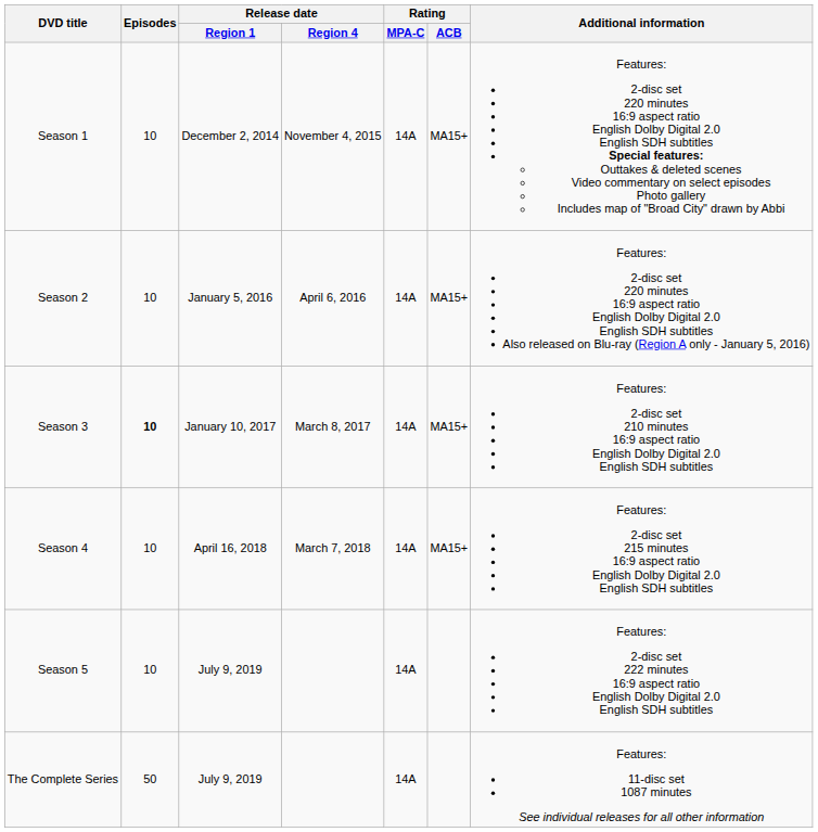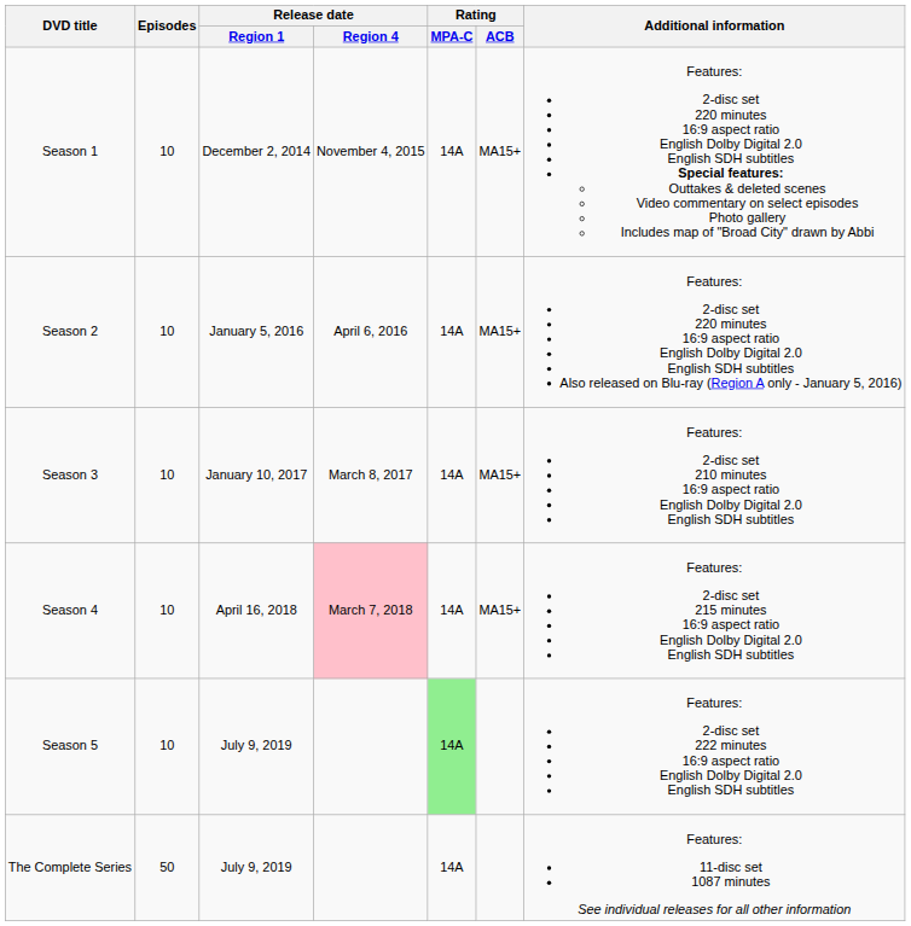 <table class="wikitable" style="text-align:center;">
 <tr>
 <th scope="col" rowspan="2">DVD title</th>
 <th scope="row" rowspan="2">Episodes</th>
 <th scope="row" colspan="2">Release date</th>
 <th scope="row" colspan="2">Rating</th>
 <th scope="row" rowspan="2">Additional information</th>
 </tr>
 <tr>
 <th scope="row"><a href='#'>Region 1</a></th>
 <th scope="row"><a href='#'>Region 4</a></th>
 <th scope="row"><a href='#'>MPA-C</a></th>
 <th scope="row"><a href='#'>ACB</a></th>
 </tr>
 <tr>
 <td scope="row">Season 1</td>
 <td>10</td>
 <td>December 2, 2014</td>
 <td>November 4, 2015</td>
 <td>14A</td>
 <td>MA15+</td>
 <td><br>Features:<ul><li>2-disc set</li><li>220 minutes</li><li>16:9 aspect ratio</li><li>English Dolby Digital 2.0</li><li>English SDH subtitles</li><li><strong>Special features:</strong><ul><li>Outtakes & deleted scenes</li><li>Video commentary on select episodes</li><li>Photo gallery</li><li>Includes map of "Broad City" drawn by Abbi</li></ul></li></ul></td>
 </tr>
 <tr>
 <td scope="row">Season 2</td>
 <td>10</td>
 <td>January 5, 2016</td>
 <td>April 6, 2016</td>
 <td>14A</td>
 <td>MA15+</td>
 <td><br>Features:<ul><li>2-disc set</li><li>220 minutes</li><li>16:9 aspect ratio</li><li>English Dolby Digital 2.0</li><li>English SDH subtitles</li><li>Also released on Blu-ray (<a href='#'>Region A</a> only - January 5, 2016)</li></ul></td>
 </tr>
 <tr>
 <td scope="row">Season 3</td>
-<td><strong>10</strong></td>
+<td>10</td>
 <td>January 10, 2017</td>
 <td>March 8, 2017</td>
 <td>14A</td>
 <td>MA15+</td>
 <td><br>Features:<ul><li>2-disc set</li><li>210 minutes</li><li>16:9 aspect ratio</li><li>English Dolby Digital 2.0</li><li>English SDH subtitles</li></ul></td>
 </tr>
 <tr>
 <td scope="row">Season 4</td>
 <td>10</td>
 <td>April 16, 2018</td>
-<td>March 7, 2018</td>
+<td style="background: pink;">March 7, 2018</td>
 <td>14A</td>
 <td>MA15+</td>
 <td><br>Features:<ul><li>2-disc set</li><li>215 minutes</li><li>16:9 aspect ratio</li><li>English Dolby Digital 2.0</li><li>English SDH subtitles</li></ul></td>
 </tr>
 <tr>
 <td scope="row">Season 5</td>
 <td>10</td>
 <td>July 9, 2019</td>
 <td></td>
-<td>14A</td>
+<td style="background: lightgreen;">14A</td>
 <td></td>
 <td><br>Features:<ul><li>2-disc set</li><li>222 minutes</li><li>16:9 aspect ratio</li><li>English Dolby Digital 2.0</li><li>English SDH subtitles</li></ul></td>
 </tr>
 <tr>
 <td scope="row">The Complete Series</td>
 <td>50</td>
 <td>July 9, 2019</td>
 <td></td>
 <td>14A</td>
 <td></td>
 <td><br>Features:<ul><li>11-disc set</li><li>1087 minutes</li></ul><em>See individual releases for all other information</em></td>
 </tr>
 </table>
